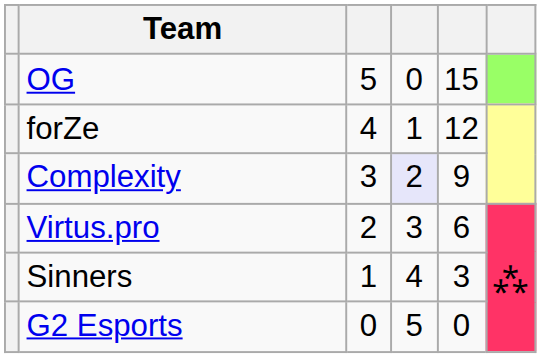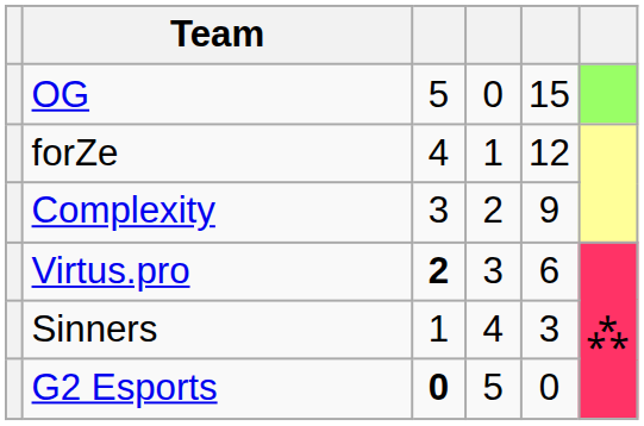 <table class="wikitable plainrowheaders" style="text-align:center;">
 <tr>
 <th scope="col"></th>
 <th scope="col" style="width:10em;">Team</th>
 <th scope="col" style="width:1em;"></th>
 <th scope="col" style="width:1em;"></th>
 <th scope="col" style="width:1em;"></th>
 <th scope=col class="unsortable"></th>
 </tr>
 <tr>
 <th scope="row"></th>
 <td style="text-align: left;"><a href='#'>OG</a></td>
 <td>5</td>
 <td>0</td>
 <td>15</td>
 <td style="background:#99FF66;"></td>
 </tr>
 <tr>
 <th scope="row"></th>
 <td style="text-align: left;">forZe</td>
 <td>4</td>
 <td>1</td>
 <td>12</td>
 <td rowspan="2" style="background:#ff9;"></td>
 </tr>
 <tr>
 <th scope="row"></th>
 <td style="text-align: left;"><a href='#'>Complexity</a></td>
 <td>3</td>
-<td style="background: lavender;">2</td>
+<td>2</td>
 <td>9</td>
 </tr>
 <tr>
 <th scope="row"></th>
 <td style="text-align: left;"><a href='#'>Virtus.pro</a></td>
-<td>2</td>
+<td><strong>2</strong></td>
 <td>3</td>
 <td>6</td>
 <td rowspan="3" style="background:#FF3366;">⁂</td>
 </tr>
 <tr>
 <th scope="row"></th>
 <td style="text-align: left;">Sinners</td>
 <td>1</td>
 <td>4</td>
 <td>3</td>
 </tr>
 <tr>
 <th scope="row"></th>
 <td style="text-align: left;"><a href='#'>G2 Esports</a></td>
-<td>0</td>
+<td><strong>0</strong></td>
 <td>5</td>
 <td>0</td>
 </tr>
 </table>
